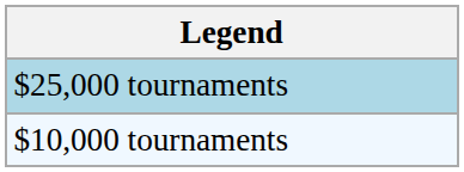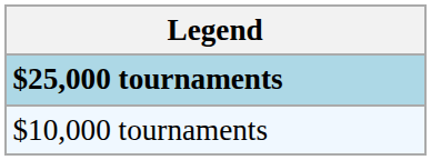 <table class="wikitable"  style="font-size:85%; width:15%;">
 <tr>
 <th>Legend</th>
 </tr>
 <tr style="background:lightblue;">
-<td>$25,000 tournaments</td>
+<td><strong>$25,000 tournaments</strong></td>
 </tr>
 <tr style="background:#f0f8ff;">
 <td>$10,000 tournaments</td>
 </tr>
 </table>
